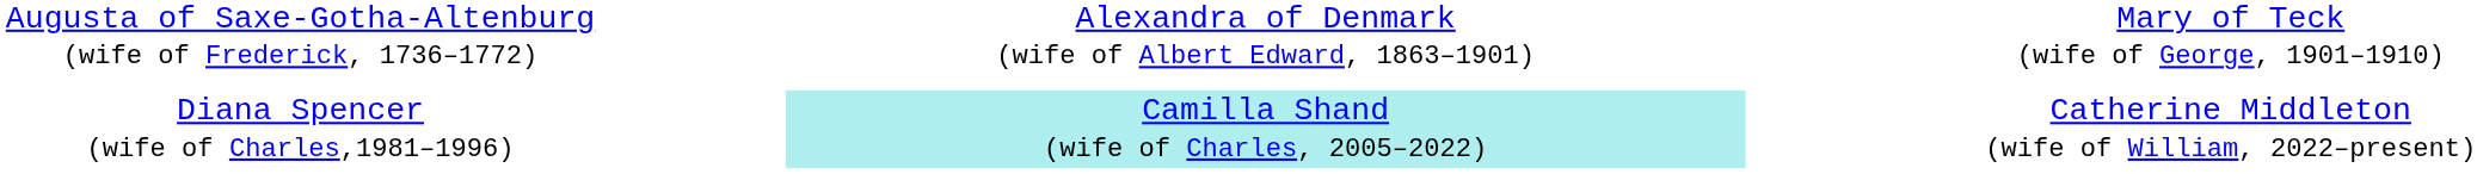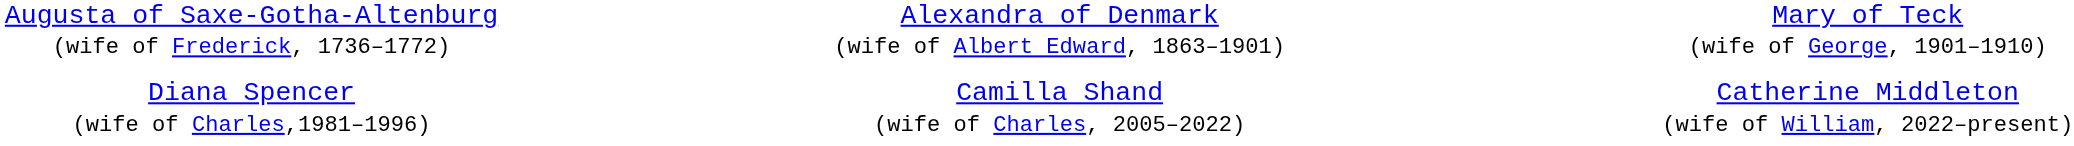 <table border="0" align="center" width="60%" style="text-align: center;">
 <tr>
 <th width=30%></th>
 <th width=30%></th>
 <th width=30%></th>
 </tr>
 <tr>
 <td><a href='#'>Augusta of Saxe-Gotha-Altenburg</a><br><small>(wife of <a href='#'>Frederick</a>, 1736–1772)</small></td>
 <td><a href='#'>Alexandra of Denmark</a><br><small>(wife of <a href='#'>Albert Edward</a>, 1863–1901)</small></td>
 <td><a href='#'>Mary of Teck</a><br><small>(wife of <a href='#'>George</a>, 1901–1910)</small></td>
 </tr>
 <tr>
 <th></th>
 <th></th>
 <th></th>
 </tr>
 <tr>
 <td><a href='#'>Diana Spencer</a><br><small>(wife of <a href='#'>Charles</a>,1981–1996)</small></td>
-<td style="background: paleturquoise;"><a href='#'>Camilla Shand</a><br><small>(wife of <a href='#'>Charles</a>, 2005–2022)</small></td>
+<td><a href='#'>Camilla Shand</a><br><small>(wife of <a href='#'>Charles</a>, 2005–2022)</small></td>
 <td><a href='#'>Catherine Middleton</a><br><small>(wife of <a href='#'>William</a>, 2022–present)</small></td>
 </tr>
 </table>
